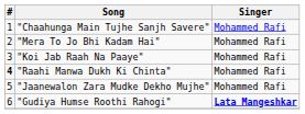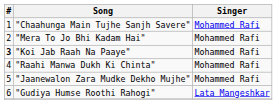 <table class="wikitable">
 <tr>
 <th>#</th>
 <th>Song</th>
 <th>Singer</th>
 </tr>
 <tr>
 <td>1</td>
 <td>"Chaahunga Main Tujhe Sanjh Savere"</td>
 <td><a href='#'>Mohammed Rafi</a></td>
 </tr>
 <tr>
 <td>2</td>
 <td>"Mera To Jo Bhi Kadam Hai"</td>
 <td>Mohammed Rafi</td>
 </tr>
 <tr>
-<td>3</td>
+<td><strong>3</strong></td>
 <td>"Koi Jab Raah Na Paaye"</td>
 <td>Mohammed Rafi</td>
 </tr>
 <tr>
-<td><strong>4</strong></td>
+<td>4</td>
 <td>"Raahi Manwa Dukh Ki Chinta"</td>
 <td>Mohammed Rafi</td>
 </tr>
 <tr>
 <td>5</td>
 <td>"Jaanewalon Zara Mudke Dekho Mujhe"</td>
 <td>Mohammed Rafi</td>
 </tr>
 <tr>
 <td>6</td>
 <td>"Gudiya Humse Roothi Rahogi"</td>
-<td><strong><a href='#'>Lata Mangeshkar</a></strong></td>
+<td><a href='#'>Lata Mangeshkar</a></td>
 </tr>
 <tr>
 </tr>
 </table>
